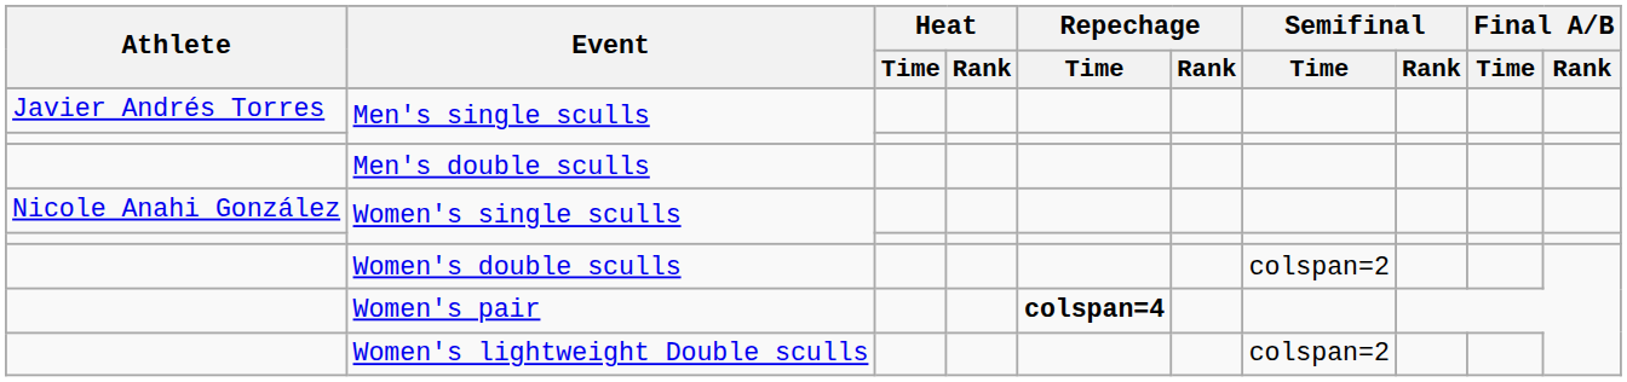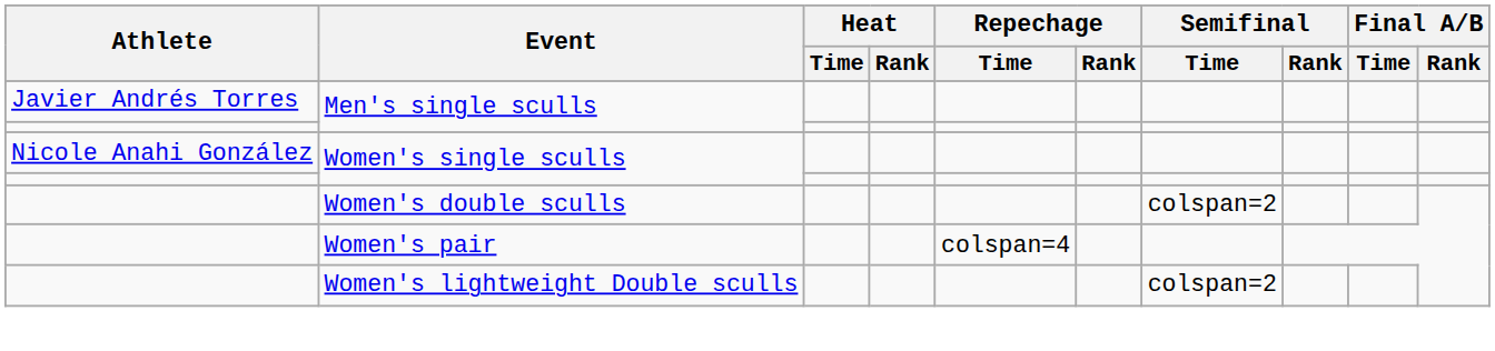 <table class=wikitable style=font-size:90%;text-align:center>
 <tr>
 <th rowspan=2>Athlete</th>
 <th rowspan=2>Event</th>
 <th colspan=2>Heat</th>
 <th colspan=2>Repechage</th>
 <th colspan=2>Semifinal</th>
 <th colspan=2>Final A/B</th>
 </tr>
 <tr style=font-size:95%>
 <th>Time</th>
 <th>Rank</th>
 <th>Time</th>
 <th>Rank</th>
 <th>Time</th>
 <th>Rank</th>
 <th>Time</th>
 <th>Rank</th>
 </tr>
 <tr>
 <td align=left><a href='#'>Javier Andrés Torres</a></td>
 <td align=left rowspan=2><a href='#'>Men's single sculls</a></td>
 <td></td>
 <td></td>
 <td></td>
 <td></td>
 <td></td>
 <td></td>
 <td></td>
 <td></td>
 </tr>
 <tr>
 <td align=left></td>
-<td></td>
-<td></td>
-<td></td>
-<td></td>
-<td></td>
-<td></td>
-<td></td>
-<td></td>
-</tr>
-<tr>
-<td align=left></td>
-<td align=left><a href='#'>Men's double sculls</a></td>
 <td></td>
 <td></td>
 <td></td>
 <td></td>
 <td></td>
 <td></td>
 <td></td>
 <td></td>
 </tr>
 <tr>
 <td align=left><a href='#'>Nicole Anahi González</a></td>
 <td align=left rowspan=2><a href='#'>Women's single sculls</a></td>
 <td></td>
 <td></td>
 <td></td>
 <td></td>
 <td></td>
 <td></td>
 <td></td>
 <td></td>
 </tr>
 <tr>
 <td align=left></td>
 <td></td>
 <td></td>
 <td></td>
 <td></td>
 <td></td>
 <td></td>
 <td></td>
 <td></td>
 </tr>
 <tr>
 <td align=left></td>
 <td align=left><a href='#'>Women's double sculls</a></td>
 <td></td>
 <td></td>
 <td></td>
 <td></td>
 <td>colspan=2 </td>
 <td></td>
 <td></td>
 </tr>
 <tr>
 <td align=left></td>
 <td align=left><a href='#'>Women's pair</a></td>
 <td></td>
 <td></td>
-<td><strong>colspan=4 </strong></td>
+<td>colspan=4 </td>
 <td></td>
 <td></td>
 </tr>
 <tr>
 <td align=left></td>
 <td align=left><a href='#'>Women's lightweight Double sculls</a></td>
 <td></td>
 <td></td>
 <td></td>
 <td></td>
 <td>colspan=2 </td>
 <td></td>
 <td></td>
 </tr>
 </table>
